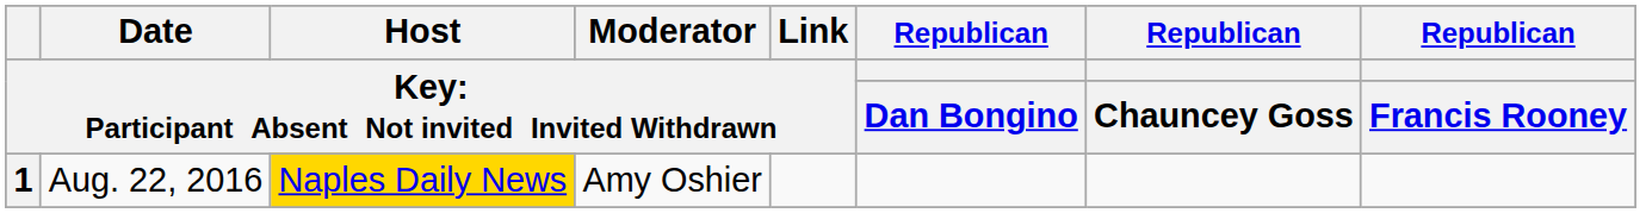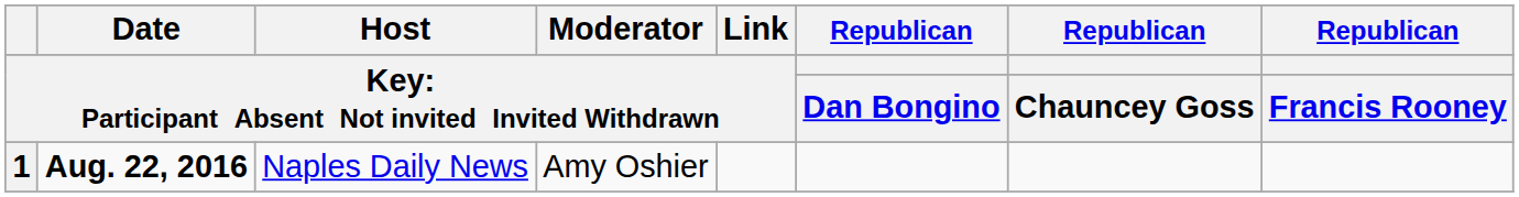 <table class="wikitable" style="text-align:center;">
 <tr>
 <th scope="col"></th>
 <th scope="col">Date</th>
 <th scope="col">Host</th>
 <th scope="col">Moderator</th>
 <th scope="col">Link</th>
 <th scope="col"><small><a href='#'>Republican</a></small></th>
 <th scope="col"><small><a href='#'>Republican</a></small></th>
 <th scope="col"><small><a href='#'>Republican</a></small></th>
 </tr>
 <tr>
 <th colspan="5" rowspan="2">Key:<br> <small>Participant </small>  <small>Absent </small>  <small>Not invited </small>  <small>Invited  Withdrawn</small></th>
 <th scope="col" style="background:"></th>
 <th scope="col" style="background:"></th>
 <th scope="col" style="background:"></th>
 </tr>
 <tr>
 <th scope="col"><a href='#'>Dan Bongino</a></th>
 <th scope="col">Chauncey Goss</th>
 <th scope="col"><a href='#'>Francis Rooney</a></th>
 </tr>
 <tr>
 <th>1</th>
-<td style="white-space:nowrap;">Aug. 22, 2016</td>
-<td style="background: gold; white-space:nowrap;"><a href='#'>Naples Daily News</a></td>
+<td style="white-space:nowrap;"><strong>Aug. 22, 2016</strong></td>
+<td style="white-space:nowrap;"><a href='#'>Naples Daily News</a></td>
 <td style="white-space:nowrap;">Amy Oshier</td>
 <td style="white-space:nowrap;"></td>
 <td></td>
 <td></td>
 <td></td>
 </tr>
 </table>
